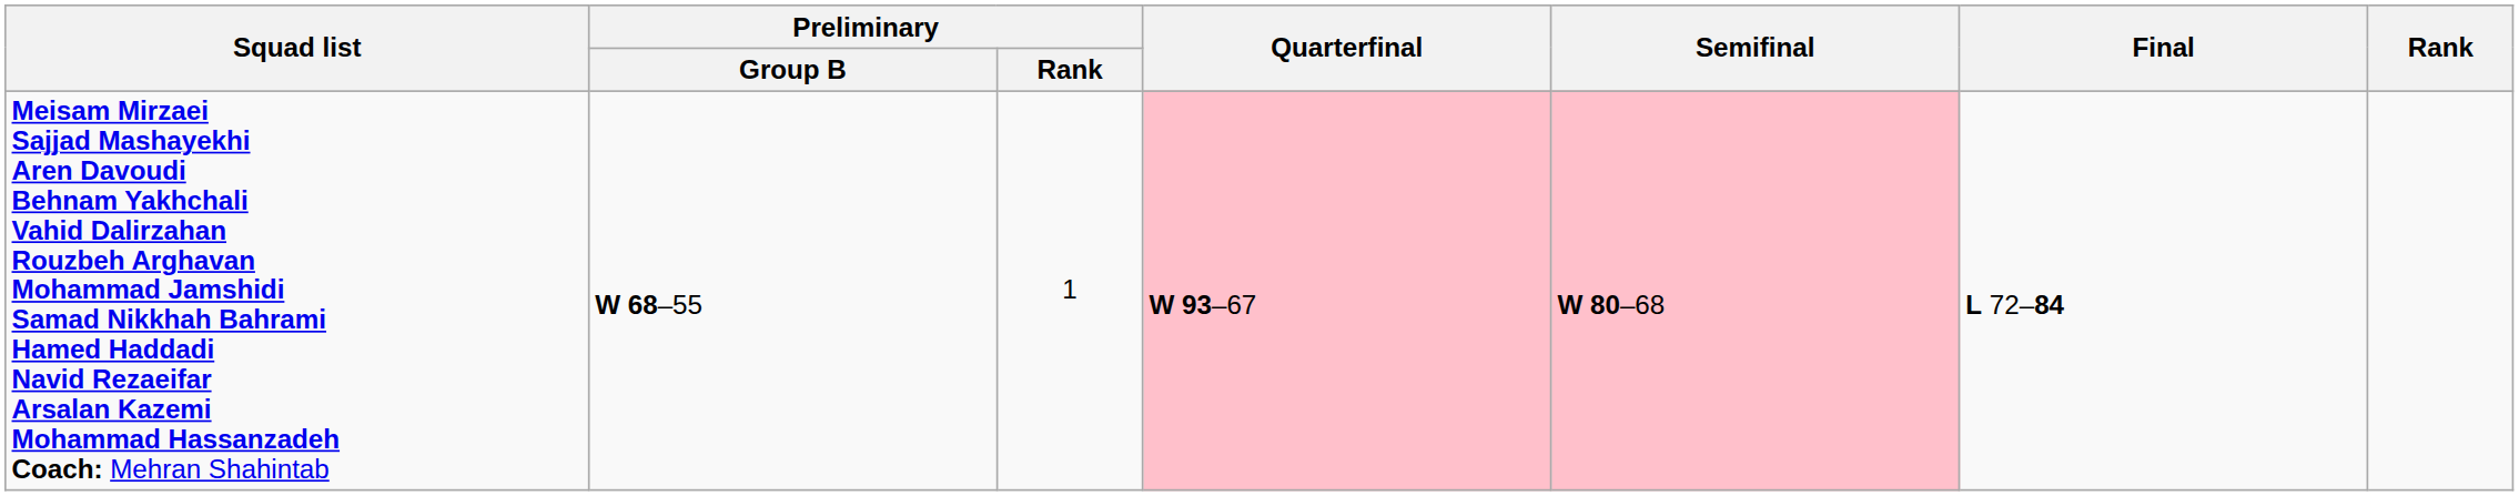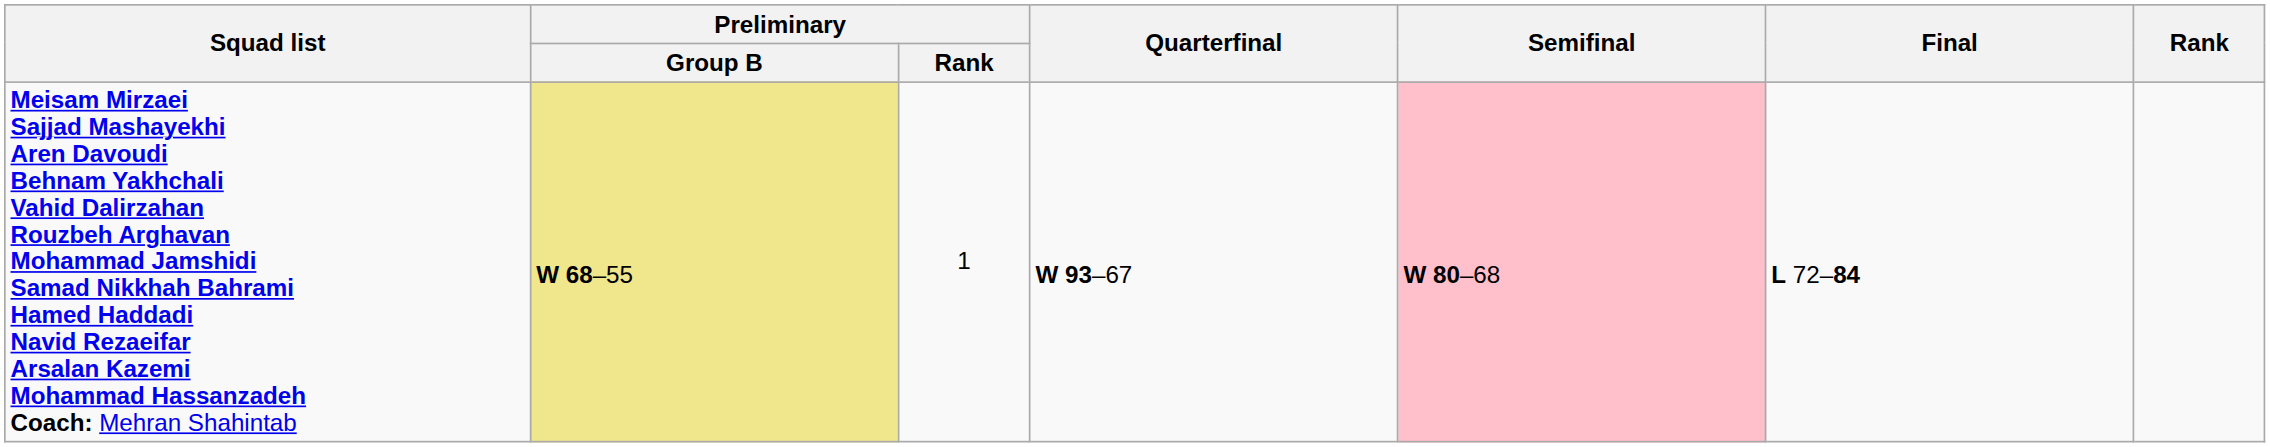 <table class="wikitable" width="85%" style="text-align:left; font-size:90%">
 <tr>
 <th rowspan="2" width="20%">Squad list</th>
 <th colspan="2">Preliminary</th>
 <th rowspan="2" width="14%">Quarterfinal</th>
 <th rowspan="2" width="14%">Semifinal</th>
 <th rowspan="2" width="14%">Final</th>
 <th rowspan="2" width="5%">Rank</th>
 </tr>
 <tr>
 <th width="14%">Group B</th>
 <th width="5%">Rank</th>
 </tr>
 <tr>
 <td><strong><a href='#'>Meisam Mirzaei</a><br><a href='#'>Sajjad Mashayekhi</a><br><a href='#'>Aren Davoudi</a><br><a href='#'>Behnam Yakhchali</a><br><a href='#'>Vahid Dalirzahan</a><br><a href='#'>Rouzbeh Arghavan</a><br><a href='#'>Mohammad Jamshidi</a><br><a href='#'>Samad Nikkhah Bahrami</a><br><a href='#'>Hamed Haddadi</a><br><a href='#'>Navid Rezaeifar</a><br><a href='#'>Arsalan Kazemi</a><br><a href='#'>Mohammad Hassanzadeh</a><br> Coach:</strong> <a href='#'>Mehran Shahintab</a></td>
-<td><br><strong>W</strong> <strong>68</strong>–55</td>
+<td style="background: khaki;"><br><strong>W</strong> <strong>68</strong>–55</td>
 <td align=center>1 <strong></strong></td>
-<td style="background: pink;"><br><strong>W</strong> <strong>93</strong>–67</td>
+<td><br><strong>W</strong> <strong>93</strong>–67</td>
 <td style="background: pink;"><br><strong>W</strong> <strong>80</strong>–68</td>
 <td><br><strong>L</strong> 72–<strong>84</strong></td>
 <td align="center"></td>
 </tr>
 </table>
